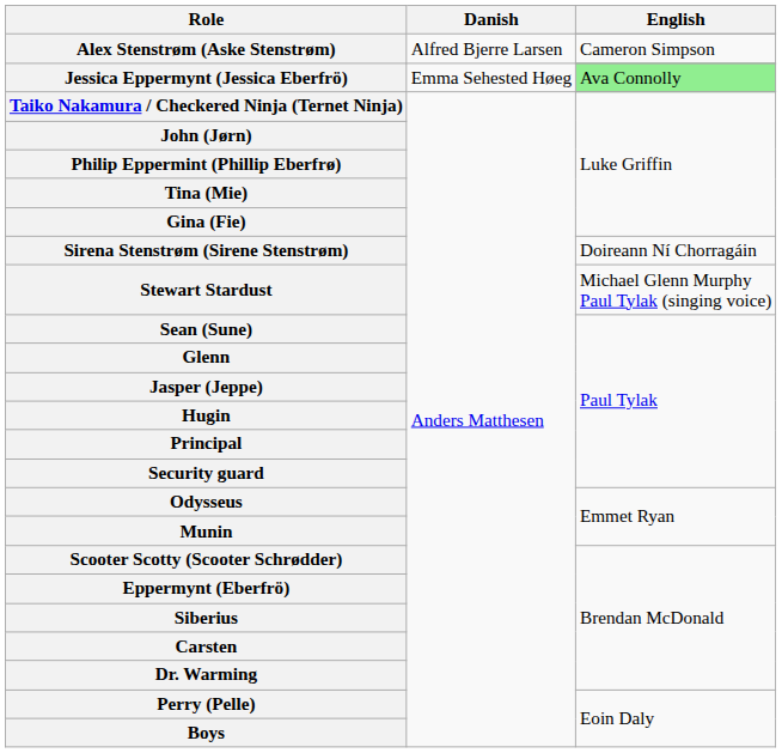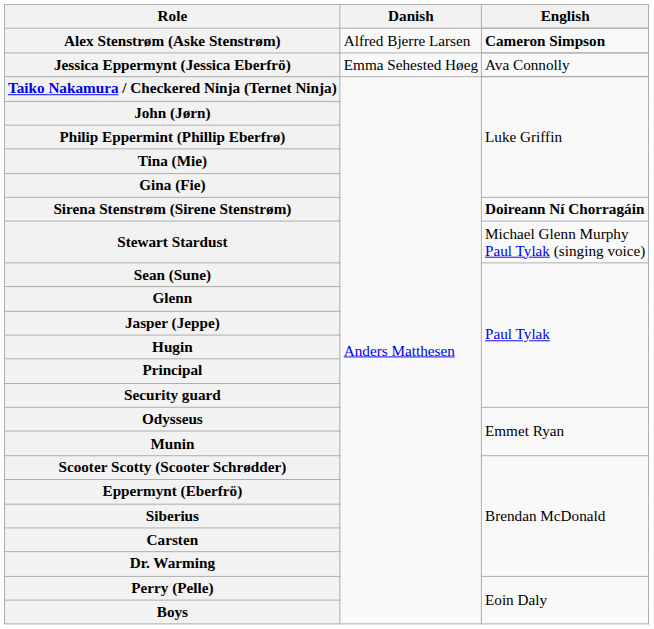 <table class="wikitable mw-collapsible">
 <tr>
 <th>Role</th>
 <th>Danish</th>
 <th>English</th>
 </tr>
 <tr>
 <th rowspan="2">Alex Stenstrøm (Aske Stenstrøm)</th>
 <td rowspan="2">Alfred Bjerre Larsen</td>
 </tr>
 <tr>
-<td>Cameron Simpson</td>
+<td><strong>Cameron Simpson</strong></td>
 </tr>
 <tr>
 <th rowspan="2">Jessica Eppermynt (Jessica Eberfrö)</th>
 <td rowspan="2">Emma Sehested Høeg</td>
 </tr>
 <tr>
-<td style="background: lightgreen;">Ava Connolly</td>
+<td>Ava Connolly</td>
 </tr>
 <tr>
 <th rowspan="2"><a href='#'>Taiko Nakamura</a> / Checkered Ninja (Ternet Ninja)</th>
 <td rowspan="23"><a href='#'>Anders Matthesen</a></td>
 </tr>
 <tr>
 <td rowspan="5">Luke Griffin</td>
 </tr>
 <tr>
 <th>John (Jørn)</th>
 </tr>
 <tr>
 <th>Philip Eppermint (Phillip Eberfrø)</th>
 </tr>
 <tr>
 <th>Tina (Mie)</th>
 </tr>
 <tr>
 <th>Gina (Fie)</th>
 </tr>
 <tr>
 <th>Sirena Stenstrøm (Sirene Stenstrøm)</th>
-<td>Doireann Ní Chorragáin</td>
+<td><strong>Doireann Ní Chorragáin</strong></td>
 </tr>
 <tr>
 <th>Stewart Stardust</th>
 <td>Michael Glenn Murphy<br><a href='#'>Paul Tylak</a> (singing voice)</td>
 </tr>
 <tr>
 <th>Sean (Sune)</th>
 <td rowspan="6"><a href='#'>Paul Tylak</a></td>
 </tr>
 <tr>
 <th>Glenn</th>
 </tr>
 <tr>
 <th>Jasper (Jeppe)</th>
 </tr>
 <tr>
 <th>Hugin</th>
 </tr>
 <tr>
 <th>Principal</th>
 </tr>
 <tr>
 <th>Security guard</th>
 </tr>
 <tr>
 <th>Odysseus</th>
 <td rowspan="2">Emmet Ryan</td>
 </tr>
 <tr>
 <th>Munin</th>
 </tr>
 <tr>
 <th>Scooter Scotty (Scooter Schrødder)</th>
 <td rowspan="5">Brendan McDonald</td>
 </tr>
 <tr>
 <th>Eppermynt (Eberfrö)</th>
 </tr>
 <tr>
 <th>Siberius</th>
 </tr>
 <tr>
 <th>Carsten</th>
 </tr>
 <tr>
 <th>Dr. Warming</th>
 </tr>
 <tr>
 <th>Perry (Pelle)</th>
 <td rowspan="2">Eoin Daly</td>
 </tr>
 <tr>
 <th>Boys</th>
 </tr>
 </table>
